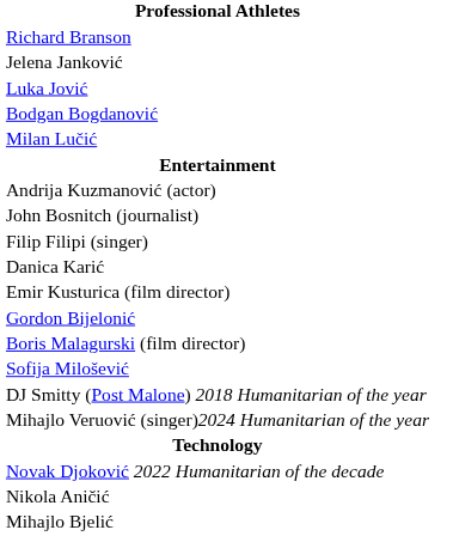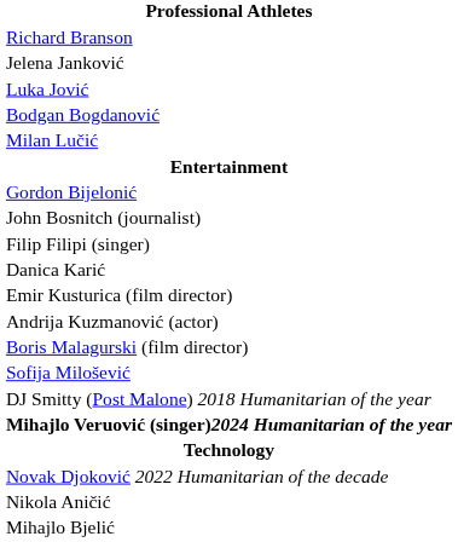 <table>
 <tr>
 <th>Professional Athletes</th>
 </tr>
 <tr>
 <td><a href='#'>Richard Branson</a></td>
 </tr>
 <tr>
 <td>Jelena Janković</td>
 </tr>
 <tr>
 <td><a href='#'>Luka Jović</a></td>
 </tr>
 <tr>
 <td><a href='#'>Bodgan Bogdanović</a></td>
 </tr>
 <tr>
 <td><a href='#'>Milan Lučić</a></td>
 </tr>
 <tr>
 <th>Entertainment</th>
 </tr>
 <tr>
-<td>Andrija Kuzmanović (actor)</td>
+<td><a href='#'>Gordon Bijelonić</a></td>
 </tr>
 <tr>
 <td>John Bosnitch (journalist)</td>
 </tr>
 <tr>
 <td>Filip Filipi (singer)</td>
 </tr>
 <tr>
 <td>Danica Karić</td>
 </tr>
 <tr>
 <td>Emir Kusturica (film director)</td>
 </tr>
 <tr>
-<td><a href='#'>Gordon Bijelonić</a></td>
+<td>Andrija Kuzmanović (actor)</td>
 </tr>
 <tr>
 <td><a href='#'>Boris Malagurski</a> (film director)</td>
 </tr>
 <tr>
 <td><a href='#'>Sofija Milošević</a></td>
 </tr>
 <tr>
 <td>DJ Smitty (<a href='#'>Post Malone</a>) <span><em>2018 Humanitarian of the year</em></span></td>
 </tr>
 <tr>
-<td>Mihajlo Veruović (singer)<span><em>2024 Humanitarian of the year</em></span></td>
+<td><strong>Mihajlo Veruović (singer)<span><em>2024 Humanitarian of the year</em></span></strong></td>
 </tr>
 <tr>
 <th>Technology</th>
 </tr>
 <tr>
 <td><a href='#'>Novak Djoković</a> <span><em>2022 Humanitarian of the decade</em></span></td>
 </tr>
 <tr>
 <td>Nikola Aničić</td>
 </tr>
 <tr>
 <td>Mihajlo Bjelić</td>
 </tr>
 <tr>
 </tr>
 </table>
